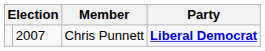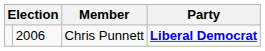 <table class="wikitable">
 <tr>
 <th colspan="2">Election</th>
 <th>Member</th>
 <th>Party</th>
 </tr>
 <tr>
 <td style="background-color: "></td>
-<td>2007</td>
+<td>2006</td>
 <td>Chris Punnett</td>
 <td><strong><a href='#'>Liberal Democrat</a></strong></td>
 </tr>
 </table>
